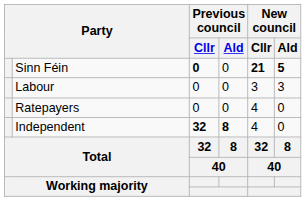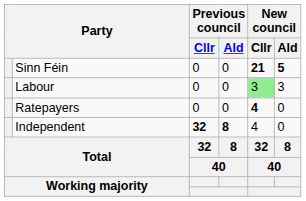 <table class="wikitable">
 <tr>
 <th colspan="2" rowspan="2" style="width: 230px">Party</th>
 <th valign=top colspan="2" style="width: 30px">Previous council</th>
 <th valign=top colspan="2" style="width: 30px">New council</th>
 </tr>
 <tr>
 <th><a href='#'>Cllr</a></th>
 <th><a href='#'>Ald</a></th>
 <th>Cllr</th>
 <th>Ald</th>
 </tr>
 <tr>
 <th style="background-color: "></th>
 <td>Sinn Féin</td>
-<td><strong>0</strong></td>
+<td>0</td>
 <td>0</td>
 <td><strong>21</strong></td>
 <td><strong>5</strong></td>
 </tr>
 <tr>
 <th style="background-color: "></th>
 <td>Labour</td>
 <td>0</td>
 <td>0</td>
-<td>3</td>
+<td style="background: lightgreen;">3</td>
 <td>3</td>
 </tr>
 <tr>
 <th style="background-color: ; width: 3px;"></th>
 <td>Ratepayers</td>
 <td>0</td>
 <td>0</td>
-<td>4</td>
+<td><strong>4</strong></td>
 <td>0</td>
 </tr>
 <tr>
 <th style="background-color: "></th>
 <td>Independent</td>
 <td><strong>32</strong></td>
 <td><strong>8</strong></td>
 <td>4</td>
 <td>0</td>
 </tr>
 <tr>
 <th colspan="2" rowspan="2">Total</th>
 <th style="text-align: center">32</th>
 <th style="text-align: center">8</th>
 <th style="text-align: center">32</th>
 <th style="text-align: center">8</th>
 </tr>
 <tr>
 <th colspan="2" style="text-align: center">40</th>
 <th colspan="2" style="text-align: center">40</th>
 </tr>
 <tr>
 <th colspan="2" rowspan="2">Working majority</th>
 <th></th>
 <th></th>
 <th></th>
 <th></th>
 </tr>
 <tr>
 <th colspan="2"></th>
 <th colspan="2"></th>
 </tr>
 </table>
